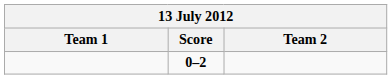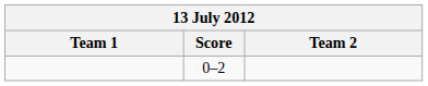 <table class="wikitable" style="text-align: center; font-size:90% ">
 <tr>
 <th colspan=3>13 July 2012</th>
 </tr>
 <tr>
 <th align="right" width="160">Team 1</th>
 <th width="50">Score</th>
 <th align="left" width="160">Team 2</th>
 </tr>
 <tr>
 <td align=right></td>
-<td align=center><strong>0–2</strong></td>
+<td align=center>0–2</td>
 <td align=left><strong></strong></td>
 </tr>
 </table>
